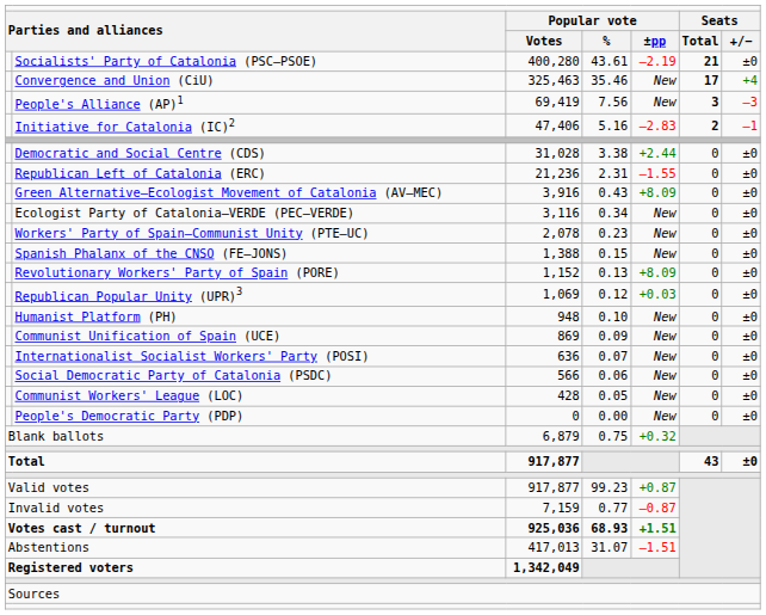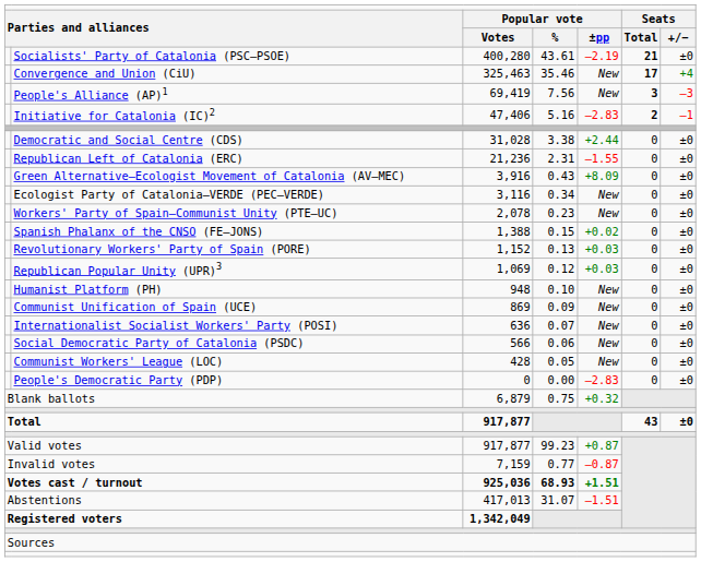 <table class="wikitable" style="text-align:right;">
 <tr>
 <td colspan="7"></td>
 </tr>
 <tr>
 <th style="text-align:left;" rowspan="2" colspan="2" width="525">Parties and alliances</th>
 <th colspan="3">Popular vote</th>
 <th colspan="2">Seats</th>
 </tr>
 <tr>
 <th width="75">Votes</th>
 <th width="45">%</th>
 <th width="45">±<a href='#'>pp</a></th>
 <th width="35">Total</th>
 <th width="35">+/−</th>
 </tr>
 <tr>
 <td width="1" style="color:inherit;background:"></td>
 <td align="left"><a href='#'>Socialists' Party of Catalonia</a> (PSC–PSOE)</td>
 <td>400,280</td>
 <td>43.61</td>
 <td style="color:red;">–2.19</td>
 <td><strong>21</strong></td>
 <td>±0</td>
 </tr>
 <tr>
 <td style="color:inherit;background:"></td>
 <td align="left"><a href='#'>Convergence and Union</a> (CiU)</td>
 <td>325,463</td>
 <td>35.46</td>
 <td><em>New</em></td>
 <td><strong>17</strong></td>
 <td style="color:green;">+4</td>
 </tr>
 <tr>
 <td style="color:inherit;background:"></td>
 <td align="left"><a href='#'>People's Alliance</a> (AP)<sup>1</sup></td>
 <td>69,419</td>
 <td>7.56</td>
 <td><em>New</em></td>
 <td><strong>3</strong></td>
 <td style="color:red;">–3</td>
 </tr>
 <tr>
 <td style="color:inherit;background:"></td>
 <td align="left"><a href='#'>Initiative for Catalonia</a> (IC)<sup>2</sup></td>
 <td>47,406</td>
 <td>5.16</td>
 <td style="color:red;">–2.83</td>
 <td><strong>2</strong></td>
 <td style="color:red;">–1</td>
 </tr>
 <tr>
 <td colspan="7" bgcolor="#C0C0C0"></td>
 </tr>
 <tr>
 <td style="color:inherit;background:"></td>
 <td align="left"><a href='#'>Democratic and Social Centre</a> (CDS)</td>
 <td>31,028</td>
 <td>3.38</td>
 <td style="color:green;">+2.44</td>
 <td>0</td>
 <td>±0</td>
 </tr>
 <tr>
 <td style="color:inherit;background:"></td>
 <td align="left"><a href='#'>Republican Left of Catalonia</a> (ERC)</td>
 <td>21,236</td>
 <td>2.31</td>
 <td style="color:red;">–1.55</td>
 <td>0</td>
 <td>±0</td>
 </tr>
 <tr>
 <td style="color:inherit;background:"></td>
 <td align="left"><a href='#'>Green Alternative–Ecologist Movement of Catalonia</a> (AV–MEC)</td>
 <td>3,916</td>
 <td>0.43</td>
 <td style="color:green;">+8.09</td>
 <td>0</td>
 <td>±0</td>
 </tr>
 <tr>
 <td style="color:inherit;background:"></td>
 <td align="left">Ecologist Party of Catalonia–VERDE (PEC–VERDE)</td>
 <td>3,116</td>
 <td>0.34</td>
 <td><em>New</em></td>
 <td>0</td>
 <td>±0</td>
 </tr>
 <tr>
 <td style="color:inherit;background:"></td>
 <td align="left"><a href='#'>Workers' Party of Spain–Communist Unity</a> (PTE–UC)</td>
 <td>2,078</td>
 <td>0.23</td>
 <td><em>New</em></td>
 <td>0</td>
 <td>±0</td>
 </tr>
 <tr>
 <td style="color:inherit;background:"></td>
 <td align="left"><a href='#'>Spanish Phalanx of the CNSO</a> (FE–JONS)</td>
 <td>1,388</td>
 <td>0.15</td>
-<td><em>New</em></td>
+<td style="color:green;">+0.02</td>
 <td>0</td>
 <td>±0</td>
 </tr>
 <tr>
 <td style="color:inherit;background:"></td>
 <td align="left"><a href='#'>Revolutionary Workers' Party of Spain</a> (PORE)</td>
 <td>1,152</td>
 <td>0.13</td>
-<td style="color:green;">+8.09</td>
+<td style="color:green;">+0.03</td>
 <td>0</td>
 <td>±0</td>
 </tr>
 <tr>
 <td style="color:inherit;background:"></td>
 <td align="left"><a href='#'>Republican Popular Unity</a> (UPR)<sup>3</sup></td>
 <td>1,069</td>
 <td>0.12</td>
 <td style="color:green;">+0.03</td>
 <td>0</td>
 <td>±0</td>
 </tr>
 <tr>
 <td style="color:inherit;background:"></td>
 <td align="left"><a href='#'>Humanist Platform</a> (PH)</td>
 <td>948</td>
 <td>0.10</td>
 <td><em>New</em></td>
 <td>0</td>
 <td>±0</td>
 </tr>
 <tr>
 <td style="color:inherit;background:"></td>
 <td align="left"><a href='#'>Communist Unification of Spain</a> (UCE)</td>
 <td>869</td>
 <td>0.09</td>
 <td><em>New</em></td>
 <td>0</td>
 <td>±0</td>
 </tr>
 <tr>
 <td style="color:inherit;background:"></td>
 <td align="left"><a href='#'>Internationalist Socialist Workers' Party</a> (POSI)</td>
 <td>636</td>
 <td>0.07</td>
 <td><em>New</em></td>
 <td>0</td>
 <td>±0</td>
 </tr>
 <tr>
 <td style="color:inherit;background:"></td>
 <td align="left"><a href='#'>Social Democratic Party of Catalonia</a> (PSDC)</td>
 <td>566</td>
 <td>0.06</td>
 <td><em>New</em></td>
 <td>0</td>
 <td>±0</td>
 </tr>
 <tr>
 <td style="color:inherit;background:"></td>
 <td align="left"><a href='#'>Communist Workers' League</a> (LOC)</td>
 <td>428</td>
 <td>0.05</td>
 <td><em>New</em></td>
 <td>0</td>
 <td>±0</td>
 </tr>
 <tr>
 <td style="color:inherit;background:"></td>
 <td align="left"><a href='#'>People's Democratic Party</a> (PDP)</td>
 <td>0</td>
 <td>0.00</td>
-<td><em>New</em></td>
+<td style="color:red;">–2.83</td>
 <td>0</td>
 <td>±0</td>
 </tr>
 <tr>
 <td align="left" colspan="2">Blank ballots</td>
 <td>6,879</td>
 <td>0.75</td>
 <td style="color:green;">+0.32</td>
 <td bgcolor="#E9E9E9" colspan="2"></td>
 </tr>
 <tr>
 <td colspan="7" bgcolor="#E9E9E9"></td>
 </tr>
 <tr style="font-weight:bold;">
 <td align="left" colspan="2">Total</td>
 <td>917,877</td>
 <td bgcolor="#E9E9E9" colspan="2"></td>
 <td>43</td>
 <td>±0</td>
 </tr>
 <tr>
 <td colspan="7" bgcolor="#E9E9E9"></td>
 </tr>
 <tr>
 <td align="left" colspan="2">Valid votes</td>
 <td>917,877</td>
 <td>99.23</td>
 <td style="color:green;">+0.87</td>
 <td bgcolor="#E9E9E9" colspan="2" rowspan="5"></td>
 </tr>
 <tr>
 <td align="left" colspan="2">Invalid votes</td>
 <td>7,159</td>
 <td>0.77</td>
 <td style="color:red;">–0.87</td>
 </tr>
 <tr style="font-weight:bold;">
 <td align="left" colspan="2">Votes cast / turnout</td>
 <td>925,036</td>
 <td>68.93</td>
 <td style="color:green;">+1.51</td>
 </tr>
 <tr>
 <td align="left" colspan="2">Abstentions</td>
 <td>417,013</td>
 <td>31.07</td>
 <td style="color:red;">–1.51</td>
 </tr>
 <tr style="font-weight:bold;">
 <td align="left" colspan="2">Registered voters</td>
 <td>1,342,049</td>
 <td bgcolor="#E9E9E9" colspan="2"></td>
 </tr>
 <tr>
 <td colspan="7" bgcolor="#E9E9E9"></td>
 </tr>
 <tr>
 <td align="left" colspan="7">Sources</td>
 </tr>
 <tr>
 <td colspan="7" style="text-align:left; max-width:790px;"></td>
 </tr>
 </table>
